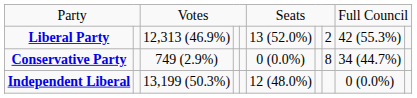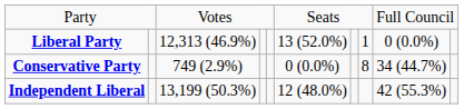 <table class=wikitable style="text-align:center;">
 <tr>
 <td colspan=2>Party</td>
 <td colspan=3>Votes</td>
 <td colspan=3>Seats</td>
 <td colspan=3>Full Council</td>
 </tr>
 <tr>
 <td><strong><a href='#'>Liberal Party</a></strong></td>
 <td style="background:"></td>
 <td>12,313 (46.9%)</td>
 <td></td>
 <td></td>
 <td>13 (52.0%)</td>
 <td></td>
-<td> 2</td>
-<td>42 (55.3%)</td>
+<td> 1</td>
+<td>0 (0.0%)</td>
 <td></td>
 </tr>
 <tr>
 <td><strong><a href='#'>Conservative Party</a></strong></td>
 <td style="background:"></td>
 <td>749 (2.9%)</td>
 <td></td>
 <td></td>
 <td>0 (0.0%)</td>
 <td></td>
 <td> 8</td>
 <td>34 (44.7%)</td>
 <td></td>
 </tr>
 <tr>
 <td><strong><a href='#'>Independent Liberal</a></strong></td>
 <td style="background:"></td>
 <td>13,199 (50.3%)</td>
 <td></td>
 <td></td>
 <td>12 (48.0%)</td>
 <td></td>
 <td></td>
-<td>0 (0.0%)</td>
+<td>42 (55.3%)</td>
 <td></td>
 </tr>
 </table>
